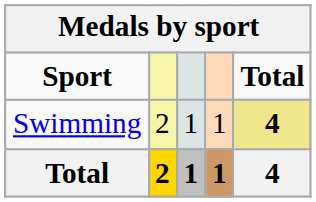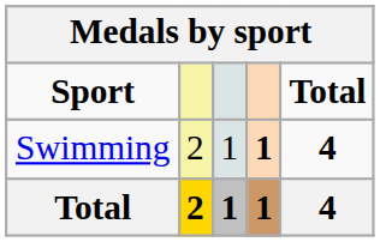 <table class="wikitable" style="font-size:85%; float:right;">
 <tr style="background:#efefef;">
 <th colspan=7>Medals by sport</th>
 </tr>
 <tr style="text-align:center">
 <td><strong>Sport</strong></td>
 <td style="background:#f7f6a8"></td>
 <td style="background:#dce5e5"></td>
 <td style="background:#ffdab9"></td>
 <td><strong>Total</strong></td>
 </tr>
 <tr style="text-align:center">
 <td><a href='#'>Swimming</a></td>
 <td bgcolor=F7F6A8>2</td>
 <td bgcolor=DCE5E5>1</td>
-<td bgcolor=FFDAB9>1</td>
-<td style="background: khaki;"><strong>4</strong></td>
+<td bgcolor=FFDAB9><strong>1</strong></td>
+<td><strong>4</strong></td>
 </tr>
 <tr style="text-align:center">
 <th>Total</th>
 <th style="background:gold">2</th>
 <th style="background:silver">1</th>
 <th style="background:#c96">1</th>
 <th>4</th>
 </tr>
 </table>
